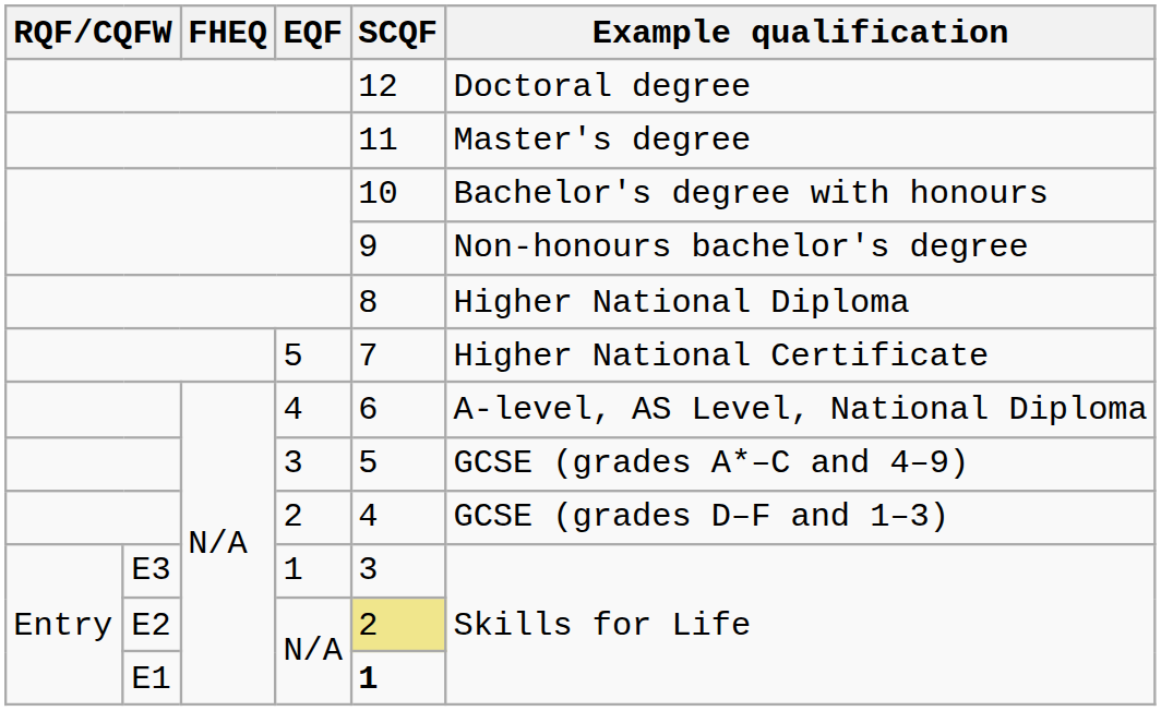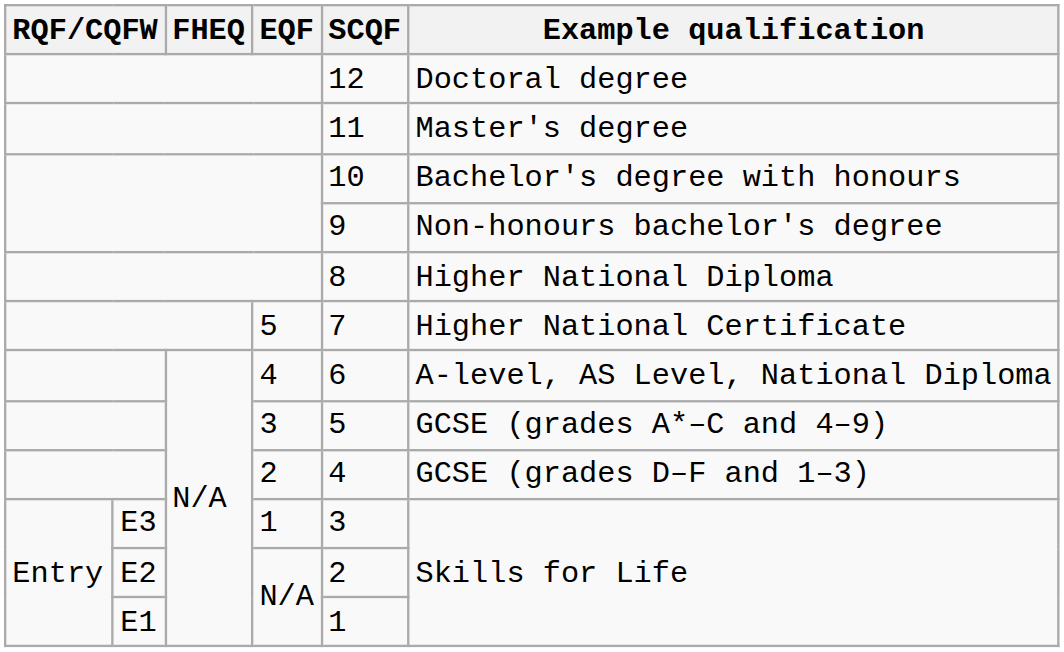 <table class="wikitable">
 <tr>
 <th colspan=2>RQF/CQFW</th>
 <th>FHEQ</th>
 <th>EQF</th>
 <th>SCQF</th>
 <th>Example qualification</th>
 </tr>
 <tr>
 <td colspan="4"></td>
 <td>12</td>
 <td>Doctoral degree</td>
 </tr>
 <tr>
 <td colspan="4"></td>
 <td>11</td>
 <td>Master's degree</td>
 </tr>
 <tr>
 <td colspan="4" rowspan="2"></td>
 <td>10</td>
 <td>Bachelor's degree with honours</td>
 </tr>
 <tr>
 <td>9</td>
 <td>Non-honours bachelor's degree</td>
 </tr>
 <tr>
 <td colspan="4"></td>
 <td>8</td>
 <td>Higher National Diploma</td>
 </tr>
 <tr>
 <td colspan="3"></td>
 <td>5</td>
 <td>7</td>
 <td>Higher National Certificate</td>
 </tr>
 <tr>
 <td colspan=2></td>
 <td rowspan="6">N/A</td>
 <td>4</td>
 <td>6</td>
 <td>A-level, AS Level, National Diploma</td>
 </tr>
 <tr>
 <td colspan=2></td>
 <td>3</td>
 <td>5</td>
 <td>GCSE (grades A*–C and 4–9)</td>
 </tr>
 <tr>
 <td colspan=2></td>
 <td>2</td>
 <td>4</td>
 <td>GCSE (grades D–F and 1–3)</td>
 </tr>
 <tr>
 <td rowspan=3>Entry</td>
 <td>E3</td>
 <td>1</td>
 <td>3</td>
 <td rowspan=3>Skills for Life</td>
 </tr>
 <tr>
 <td>E2</td>
 <td rowspan="2">N/A</td>
-<td style="background: khaki;">2</td>
+<td>2</td>
 </tr>
 <tr>
 <td>E1</td>
-<td><strong>1</strong></td>
+<td>1</td>
 </tr>
 </table>
